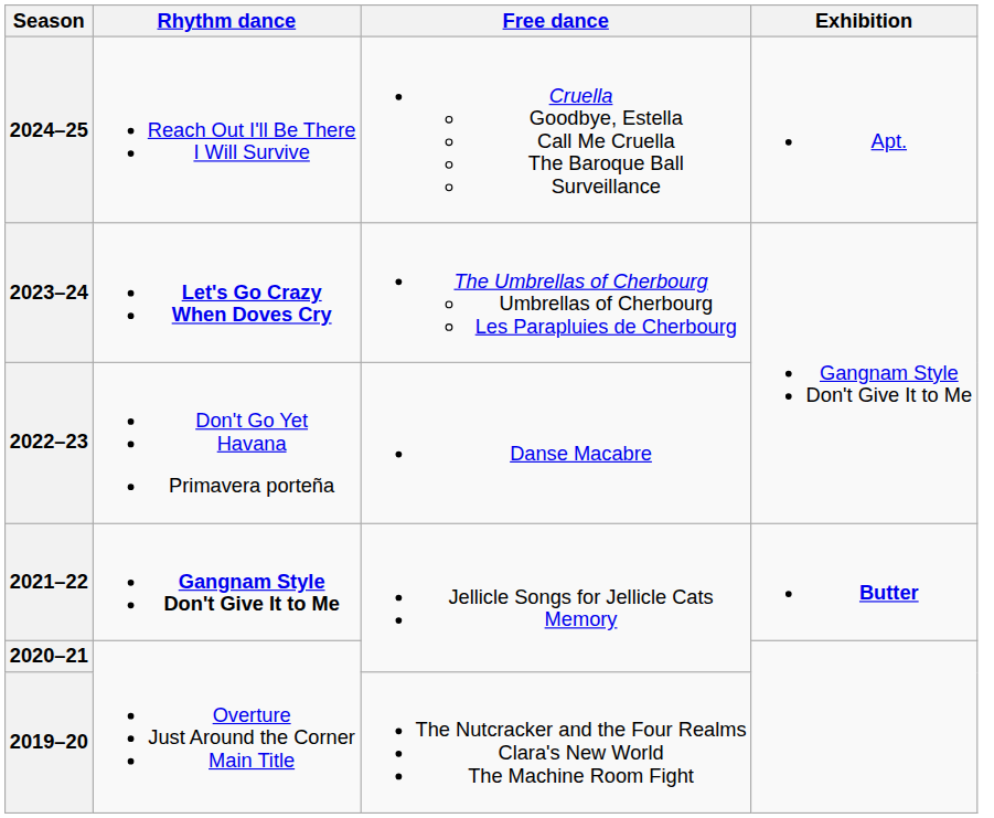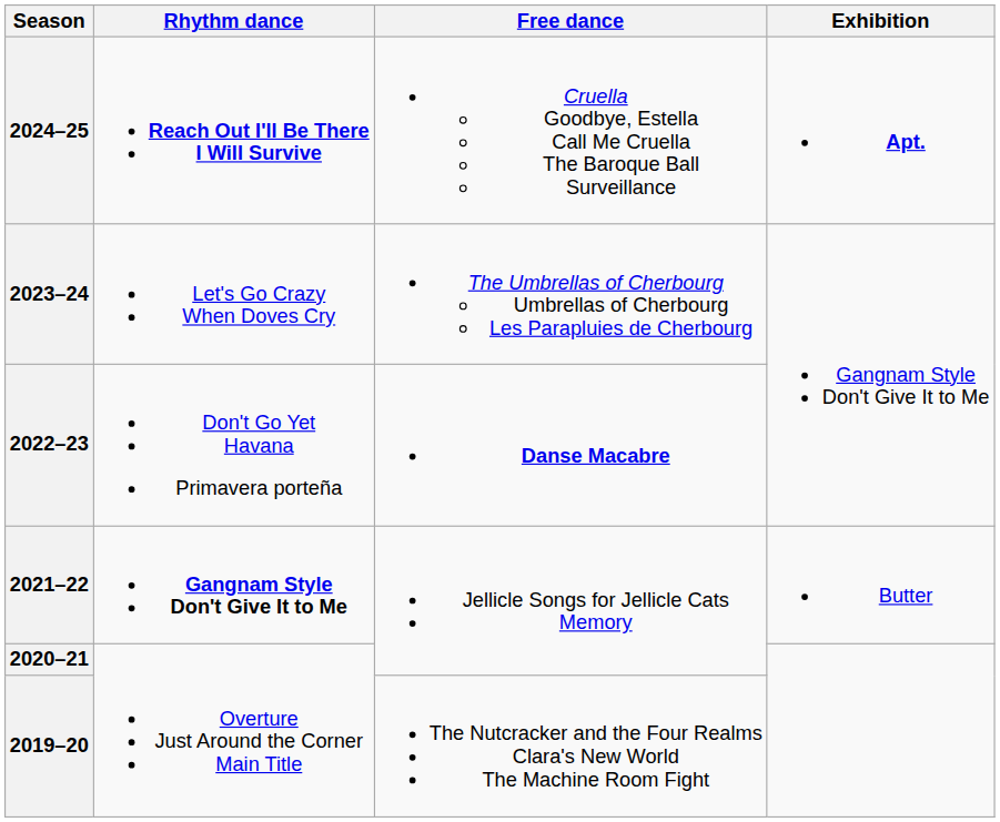 <table class=wikitable style=text-align:center>
 <tr>
 <th>Season</th>
 <th><a href='#'>Rhythm dance</a></th>
 <th><a href='#'>Free dance</a></th>
 <th>Exhibition</th>
 </tr>
 <tr>
 <th>2024–25 <br> </th>
-<td><br><ul><li><a href='#'>Reach Out I'll Be There</a> <br> </li><li><a href='#'>I Will Survive</a> <br> </li></ul></td>
+<td><strong><br><ul><li><a href='#'>Reach Out I'll Be There</a> <br> </li><li><a href='#'>I Will Survive</a> <br> </li></ul></strong></td>
 <td><br><ul><li><em><a href='#'>Cruella</a></em><ul><li>Goodbye, Estella <br> </li><li>Call Me Cruella <br> </li><li>The Baroque Ball</li><li>Surveillance <br></li></ul></li></ul></td>
-<td><br><ul><li><a href='#'>Apt.</a> <br></li></ul></td>
+<td><strong><br><ul><li><a href='#'>Apt.</a> <br></li></ul></strong></td>
 </tr>
 <tr>
 <th>2023–24 <br> </th>
-<td><strong><br><ul><li><a href='#'>Let's Go Crazy</a></li><li><a href='#'>When Doves Cry</a> <br> </li></ul></strong></td>
+<td><br><ul><li><a href='#'>Let's Go Crazy</a></li><li><a href='#'>When Doves Cry</a> <br> </li></ul></td>
 <td><br><ul><li><em><a href='#'>The Umbrellas of Cherbourg</a></em> <br> <ul><li>Umbrellas of Cherbourg  <br>  </li><li><a href='#'>Les Parapluies de Cherbourg</a> <br> </li></ul></li></ul></td>
 <td rowspan=2><br><ul><li><a href='#'>Gangnam Style</a> <br> </li><li>Don't Give It to Me <br> </li></ul></td>
 </tr>
 <tr>
 <th>2022–23 <br> </th>
 <td><br><ul><li> <a href='#'>Don't Go Yet</a></li><li> <a href='#'>Havana</a> <br> </li></ul><ul><li>Primavera porteña <br> </li></ul></td>
-<td><br><ul><li><a href='#'>Danse Macabre</a> <br> </li></ul></td>
+<td><strong><br><ul><li><a href='#'>Danse Macabre</a> <br> </li></ul></strong></td>
 </tr>
 <tr>
 <th>2021–22 <br> </th>
 <td><strong><br><ul><li><a href='#'>Gangnam Style</a> <br> </li><li>Don't Give It to Me <br> </li></ul></strong></td>
 <td rowspan=2><br><ul><li>Jellicle Songs for Jellicle Cats</li><li><a href='#'>Memory</a> <br> </li></ul></td>
-<td><strong><br><ul><li><a href='#'>Butter</a> <br> </li></ul></strong></td>
+<td><br><ul><li><a href='#'>Butter</a> <br> </li></ul></td>
 </tr>
 <tr>
 <th>2020–21 <br></th>
 <td rowspan=2><br><ul><li><a href='#'>Overture</a> <br> </li><li>Just Around the Corner <br></li><li><a href='#'>Main Title</a> <br></li></ul></td>
 </tr>
 <tr>
 <th>2019–20 <br></th>
 <td><br><ul><li>The Nutcracker and the Four Realms</li><li>Clara's New World</li><li>The Machine Room Fight <br></li></ul></td>
 </tr>
 </table>
